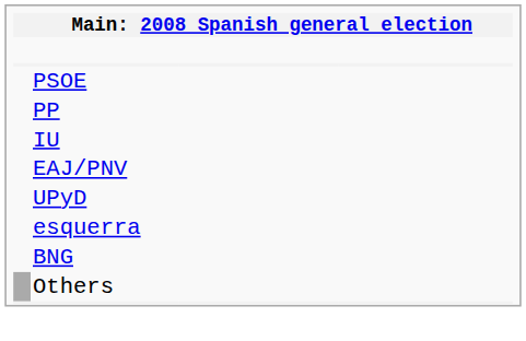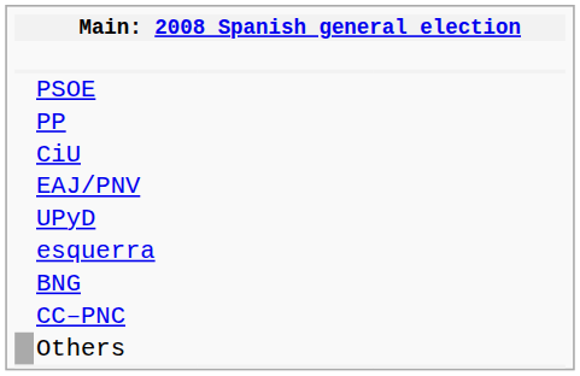 <table class="infobox vcard" style="width:23.0em; padding:0.3em; padding-bottom:0em;" cellspacing=0>
 <tr>
 <td style="background:#F2F2F2; vertical-align:middle; padding:0.4em;" width="30px"></td>
 <th colspan="4" style="text-align:center; background:#F2F2F2; font-size:0.85em; width:100%; vertical-align:middle;">Main: <a href='#'>2008 Spanish general election</a></th>
 </tr>
 <tr>
 <td colspan="5" style="text-align:center; font-size:0.85em; padding:0.5em 0em;">  </td>
 </tr>
 <tr>
 <td colspan="5"></td>
 </tr>
 <tr>
 <td colspan="5"></td>
 </tr>
 <tr>
 <th colspan="2" width="85px" style="background:#F2F2F2;"></th>
 <th width="70px" style="background:#F2F2F2;"></th>
 <th width="45px" style="background:#F2F2F2;"></th>
 <th width="30px" style="background:#F2F2F2;"></th>
 </tr>
 <tr>
 <td style="background:"></td>
 <td><a href='#'>PSOE</a></td>
 <td></td>
 <td></td>
 <td></td>
 </tr>
 <tr>
 <td style="background:"></td>
 <td><a href='#'>PP</a></td>
 <td></td>
 <td></td>
 <td></td>
 </tr>
 <tr>
 <td style="background:"></td>
-<td><a href='#'>IU</a></td>
+<td><a href='#'>CiU</a></td>
 <td></td>
 <td></td>
 <td></td>
 </tr>
 <tr>
 <td style="background:"></td>
 <td><a href='#'>EAJ/PNV</a></td>
 <td></td>
 <td></td>
 <td></td>
 </tr>
 <tr>
 <td style="background:"></td>
 <td><a href='#'>UPyD</a></td>
 <td></td>
 <td></td>
 <td></td>
 </tr>
 <tr>
 <td style="background:"></td>
 <td><a href='#'>esquerra</a></td>
 <td></td>
 <td></td>
 <td></td>
 </tr>
 <tr>
 <td style="background:"></td>
 <td><a href='#'>BNG</a></td>
 <td></td>
 <td></td>
 <td></td>
 </tr>
 <tr>
+<td style="background:"></td>
+<td><a href='#'>CC–PNC</a></td>
+<td></td>
+<td></td>
+<td></td>
+</tr>
+<tr>
 <td style="background:#AAAAAA;"></td>
 <td>Others</td>
 <td></td>
 <td></td>
 <td></td>
 </tr>
 <tr>
 <th colspan="2" style="background:#F2F2F2;"></th>
 <th style="background:#F2F2F2;"></th>
 <th style="background:#F2F2F2;"></th>
 <th style="background:#F2F2F2;"></th>
 </tr>
 </table>
